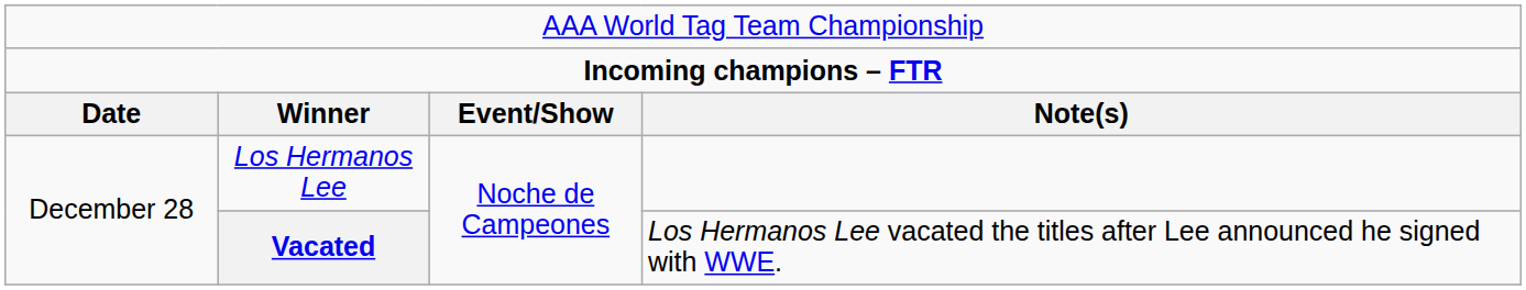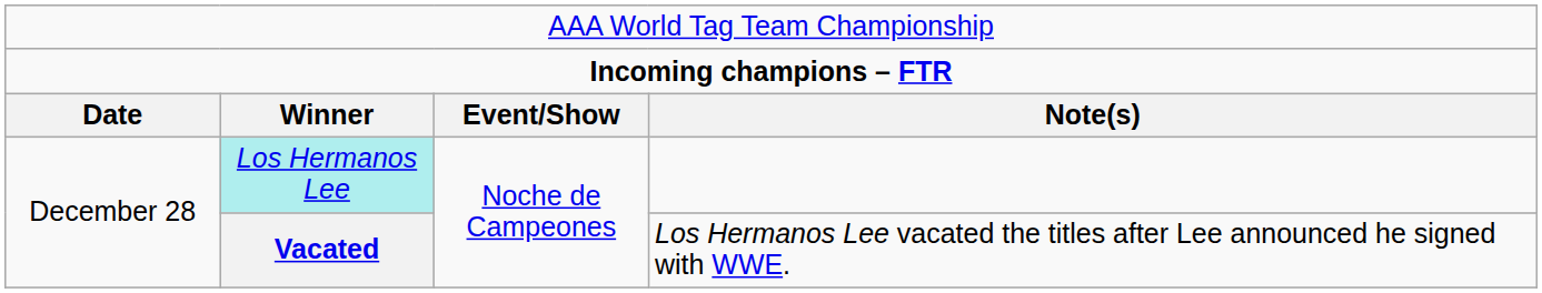 <table class="wikitable" style="text-align:center; width:100%;">
 <tr>
 <td colspan="4" style="text-align: center;"><a href='#'>AAA World Tag Team Championship</a></td>
 </tr>
 <tr>
 <td colspan="4" style="text-align: center;"><strong>Incoming champions – <a href='#'>FTR</a> </strong></td>
 </tr>
 <tr>
 <th width=14%>Date</th>
 <th width=14%>Winner</th>
 <th width=14%>Event/Show</th>
 <th width=58%>Note(s)</th>
 </tr>
 <tr>
 <td rowspan=2>December 28</td>
-<td><a href='#'><em>Los Hermanos Lee</em></a><br></td>
+<td style="background: paleturquoise;"><a href='#'><em>Los Hermanos Lee</em></a><br></td>
 <td rowspan=2><a href='#'>Noche de Campeones</a></td>
 <td></td>
 </tr>
 <tr>
 <th><a href='#'>Vacated</a></th>
 <td align=left><em>Los Hermanos Lee</em> vacated the titles after Lee announced he signed with <a href='#'>WWE</a>.</td>
 </tr>
 </table>
